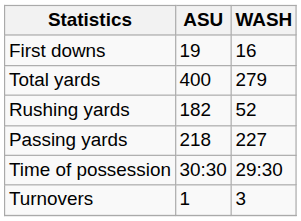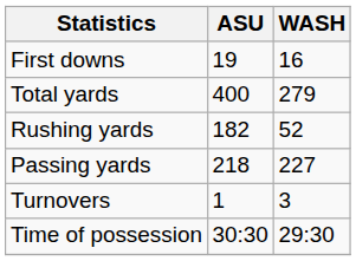 <table class="wikitable" style="float: left;">
 <tr>
 <th>Statistics</th>
 <th>ASU</th>
 <th>WASH</th>
 </tr>
 <tr>
 <td>First downs</td>
 <td>19</td>
 <td>16</td>
 </tr>
 <tr>
 <td>Total yards</td>
 <td>400</td>
 <td>279</td>
 </tr>
 <tr>
 <td>Rushing yards</td>
 <td>182</td>
 <td>52</td>
 </tr>
 <tr>
 <td>Passing yards</td>
 <td>218</td>
 <td>227</td>
 </tr>
 <tr>
+<td>Turnovers</td>
+<td>1</td>
+<td>3</td>
+</tr>
+<tr>
 <td>Time of possession</td>
 <td>30:30</td>
 <td>29:30</td>
 </tr>
 <tr>
-<td>Turnovers</td>
-<td>1</td>
-<td>3</td>
-</tr>
-<tr>
 </tr>
 </table>
